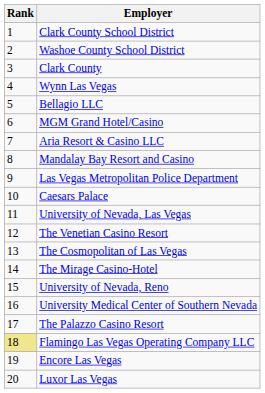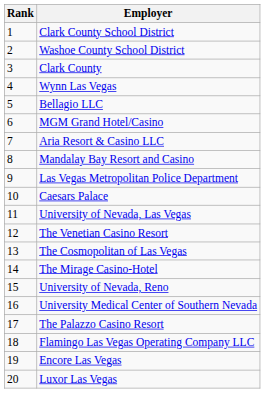 <table class="wikitable">
 <tr>
 <th>Rank</th>
 <th>Employer</th>
 </tr>
 <tr>
 <td>1</td>
 <td><a href='#'>Clark County School District</a></td>
 </tr>
 <tr>
 <td>2</td>
 <td><a href='#'>Washoe County School District</a></td>
 </tr>
 <tr>
 <td>3</td>
 <td><a href='#'>Clark County</a></td>
 </tr>
 <tr>
 <td>4</td>
 <td><a href='#'>Wynn Las Vegas</a></td>
 </tr>
 <tr>
 <td>5</td>
 <td><a href='#'>Bellagio LLC</a></td>
 </tr>
 <tr>
 <td>6</td>
 <td><a href='#'>MGM Grand Hotel/Casino</a></td>
 </tr>
 <tr>
 <td>7</td>
 <td><a href='#'>Aria Resort & Casino LLC</a></td>
 </tr>
 <tr>
 <td>8</td>
 <td><a href='#'>Mandalay Bay Resort and Casino</a></td>
 </tr>
 <tr>
 <td>9</td>
 <td><a href='#'>Las Vegas Metropolitan Police Department</a></td>
 </tr>
 <tr>
 <td>10</td>
 <td><a href='#'>Caesars Palace</a></td>
 </tr>
 <tr>
 <td>11</td>
 <td><a href='#'>University of Nevada, Las Vegas</a></td>
 </tr>
 <tr>
 <td>12</td>
 <td><a href='#'>The Venetian Casino Resort</a></td>
 </tr>
 <tr>
 <td>13</td>
 <td><a href='#'>The Cosmopolitan of Las Vegas</a></td>
 </tr>
 <tr>
 <td>14</td>
 <td><a href='#'>The Mirage Casino-Hotel</a></td>
 </tr>
 <tr>
 <td>15</td>
 <td><a href='#'>University of Nevada, Reno</a></td>
 </tr>
 <tr>
 <td>16</td>
 <td><a href='#'>University Medical Center of Southern Nevada</a></td>
 </tr>
 <tr>
 <td>17</td>
 <td><a href='#'>The Palazzo Casino Resort</a></td>
 </tr>
 <tr>
-<td style="background: khaki;">18</td>
+<td>18</td>
 <td><a href='#'>Flamingo Las Vegas Operating Company LLC</a></td>
 </tr>
 <tr>
 <td>19</td>
 <td><a href='#'>Encore Las Vegas</a></td>
 </tr>
 <tr>
 <td>20</td>
 <td><a href='#'>Luxor Las Vegas</a></td>
 </tr>
 </table>
